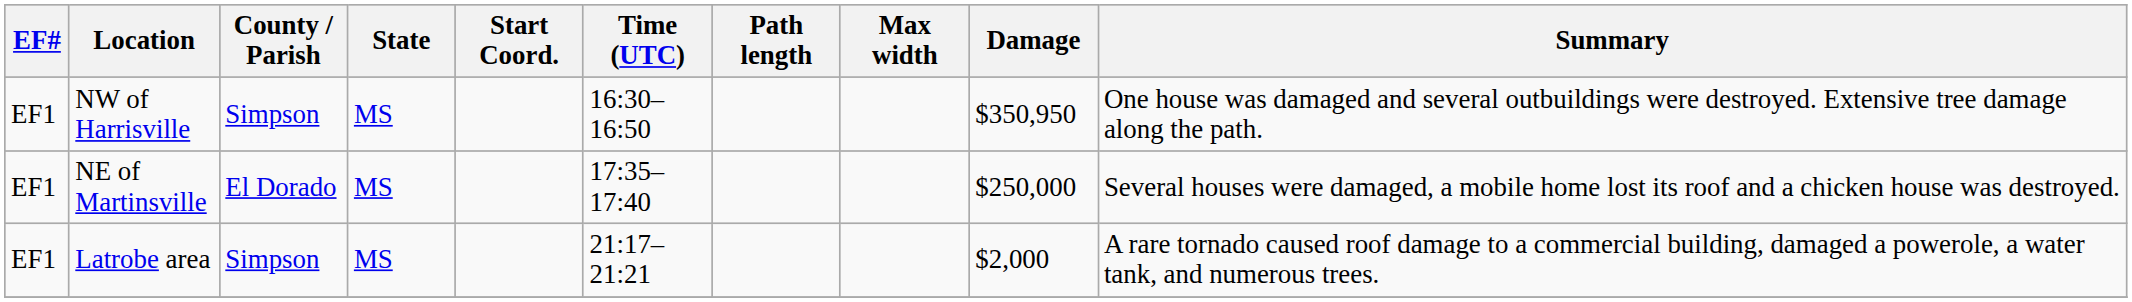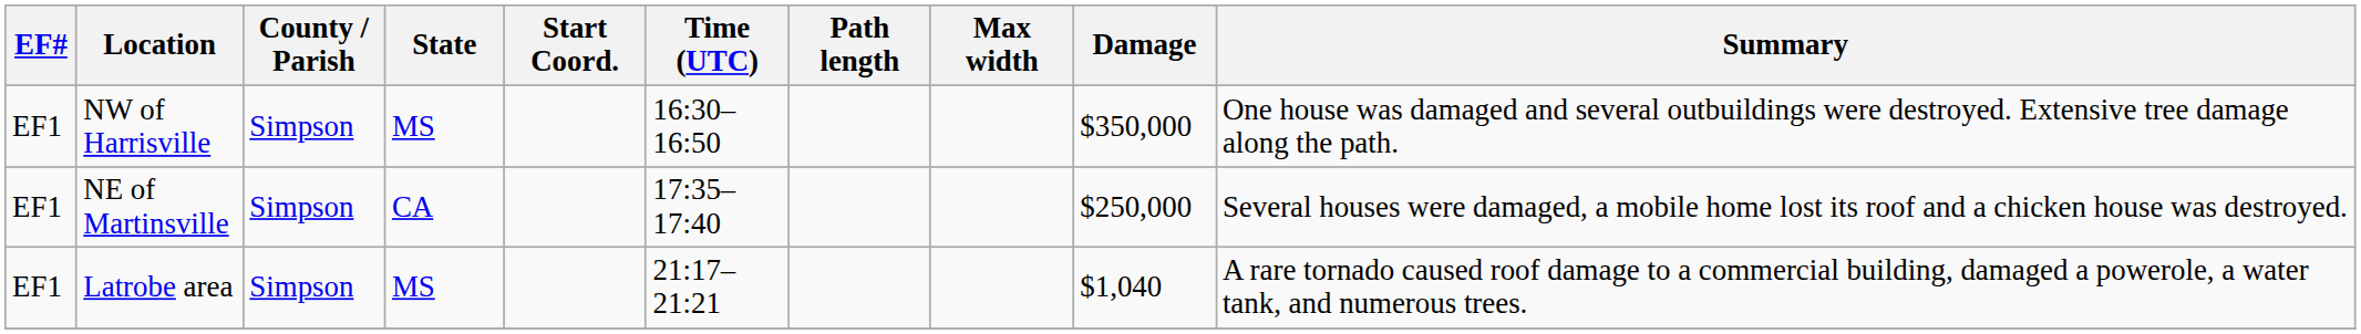 <table class="wikitable sortable" style="width:100%;">
 <tr>
 <th scope="col" width="3%" align="center"><a href='#'>EF#</a></th>
 <th scope="col" width="7%" align="center" class="unsortable">Location</th>
 <th scope="col" width="6%" align="center" class="unsortable">County / Parish</th>
 <th scope="col" width="5%" align="center">State</th>
 <th scope="col" width="6%" align="center">Start Coord.</th>
 <th scope="col" width="6%" align="center">Time (<a href='#'>UTC</a>)</th>
 <th scope="col" width="6%" align="center">Path length</th>
 <th scope="col" width="6%" align="center">Max width</th>
 <th scope="col" width="6%" align="center">Damage</th>
 <th scope="col" width="48%" class="unsortable" align="center">Summary</th>
 </tr>
 <tr>
 <td>EF1</td>
 <td>NW of <a href='#'>Harrisville</a></td>
 <td><a href='#'>Simpson</a></td>
 <td><a href='#'>MS</a></td>
 <td></td>
 <td>16:30–16:50</td>
 <td></td>
 <td></td>
-<td>$350,950</td>
+<td>$350,000</td>
 <td>One house was damaged and several outbuildings were destroyed. Extensive tree damage along the path.</td>
 </tr>
 <tr>
 <td>EF1</td>
 <td>NE of <a href='#'>Martinsville</a></td>
-<td><a href='#'>El Dorado</a></td>
-<td><a href='#'>MS</a></td>
+<td><a href='#'>Simpson</a></td>
+<td><a href='#'>CA</a></td>
 <td></td>
 <td>17:35–17:40</td>
 <td></td>
 <td></td>
 <td>$250,000</td>
 <td>Several houses were damaged, a mobile home lost its roof and a chicken house was destroyed.</td>
 </tr>
 <tr>
 <td>EF1</td>
 <td><a href='#'>Latrobe</a> area</td>
 <td><a href='#'>Simpson</a></td>
 <td><a href='#'>MS</a></td>
 <td></td>
 <td>21:17–21:21</td>
 <td></td>
 <td></td>
-<td>$2,000</td>
+<td>$1,040</td>
 <td>A rare tornado caused roof damage to a commercial building, damaged a powerole, a water tank, and numerous trees.</td>
 </tr>
 <tr>
 </tr>
 </table>
